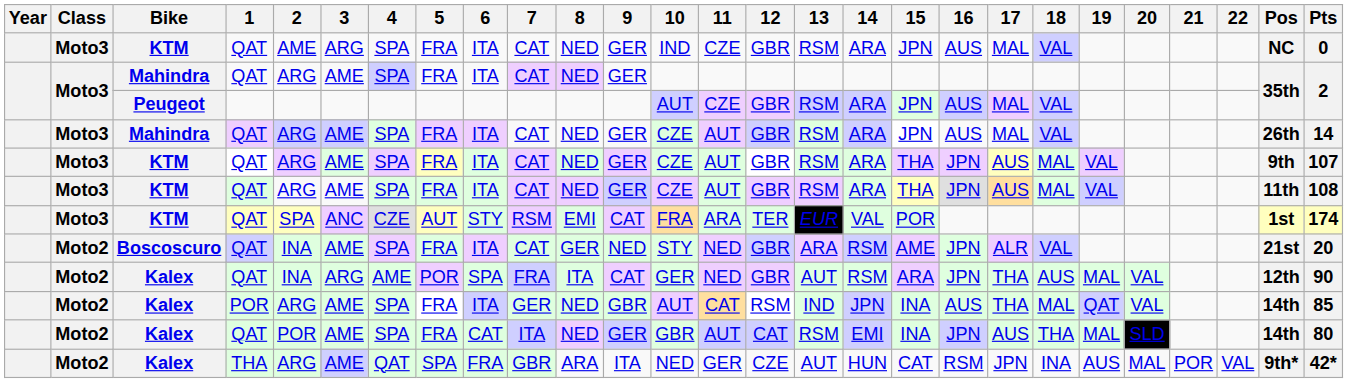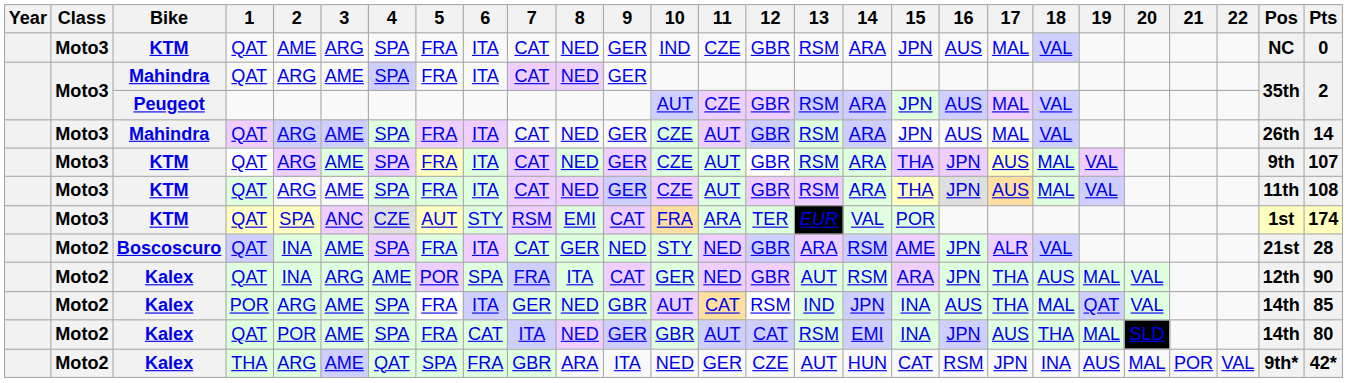 <table class="wikitable" style="text-align:center;">
 <tr>
 <th>Year</th>
 <th>Class</th>
 <th>Bike</th>
 <th>1</th>
 <th>2</th>
 <th>3</th>
 <th>4</th>
 <th>5</th>
 <th>6</th>
 <th>7</th>
 <th>8</th>
 <th>9</th>
 <th>10</th>
 <th>11</th>
 <th>12</th>
 <th>13</th>
 <th>14</th>
 <th>15</th>
 <th>16</th>
 <th>17</th>
 <th>18</th>
 <th>19</th>
 <th>20</th>
 <th>21</th>
 <th>22</th>
 <th>Pos</th>
 <th>Pts</th>
 </tr>
 <tr>
 <th></th>
 <th>Moto3</th>
 <th><a href='#'>KTM</a></th>
 <td><a href='#'>QAT</a></td>
 <td><a href='#'>AME</a></td>
 <td><a href='#'>ARG</a></td>
 <td><a href='#'>SPA</a></td>
 <td><a href='#'>FRA</a></td>
 <td><a href='#'>ITA</a></td>
 <td><a href='#'>CAT</a></td>
 <td><a href='#'>NED</a></td>
 <td><a href='#'>GER</a></td>
 <td><a href='#'>IND</a></td>
 <td><a href='#'>CZE</a></td>
 <td><a href='#'>GBR</a></td>
 <td><a href='#'>RSM</a></td>
 <td><a href='#'>ARA</a></td>
 <td><a href='#'>JPN</a></td>
 <td><a href='#'>AUS</a></td>
 <td><a href='#'>MAL</a></td>
 <td style="background:#cfcfff;"><a href='#'>VAL</a><br></td>
 <td></td>
 <td></td>
 <td></td>
 <td></td>
 <th>NC</th>
 <th>0</th>
 </tr>
 <tr>
 <th rowspan="2"></th>
 <th rowspan="2">Moto3</th>
 <th><a href='#'>Mahindra</a></th>
 <td><a href='#'>QAT</a></td>
 <td><a href='#'>ARG</a></td>
 <td><a href='#'>AME</a></td>
 <td style="background:#CFCFFF;"><a href='#'>SPA</a><br></td>
 <td><a href='#'>FRA</a></td>
 <td><a href='#'>ITA</a></td>
 <td style="background:#EFCFFF;"><a href='#'>CAT</a><br></td>
 <td style="background:#EFCFFF;"><a href='#'>NED</a><br></td>
 <td><a href='#'>GER</a></td>
 <td></td>
 <td></td>
 <td></td>
 <td></td>
 <td></td>
 <td></td>
 <td></td>
 <td></td>
 <td></td>
 <td></td>
 <td></td>
 <td></td>
 <td></td>
 <th rowspan="2">35th</th>
 <th rowspan="2">2</th>
 </tr>
 <tr>
 <th><a href='#'>Peugeot</a></th>
 <td></td>
 <td></td>
 <td></td>
 <td></td>
 <td></td>
 <td></td>
 <td></td>
 <td></td>
 <td></td>
 <td style="background:#CFCFFF;"><a href='#'>AUT</a><br></td>
 <td style="background:#EFCFFF;"><a href='#'>CZE</a><br></td>
 <td style="background:#EFCFFF;"><a href='#'>GBR</a><br></td>
 <td style="background:#CFCFFF;"><a href='#'>RSM</a><br></td>
 <td style="background:#CFCFFF;"><a href='#'>ARA</a><br></td>
 <td style="background:#DFFFDF;"><a href='#'>JPN</a><br></td>
 <td style="background:#CFCFFF;"><a href='#'>AUS</a><br></td>
 <td style="background:#EFCFFF;"><a href='#'>MAL</a><br></td>
 <td style="background:#CFCFFF;"><a href='#'>VAL</a><br></td>
 <td></td>
 <td></td>
 <td></td>
 </tr>
 <tr>
 <th></th>
 <th>Moto3</th>
 <th><a href='#'>Mahindra</a></th>
 <td style="background:#EFCFFF;"><a href='#'>QAT</a><br></td>
 <td style="background:#CFCFFF;"><a href='#'>ARG</a><br></td>
 <td style="background:#CFCFFF;"><a href='#'>AME</a><br></td>
 <td style="background:#DFFFDF;"><a href='#'>SPA</a><br></td>
 <td style="background:#EFCFFF;"><a href='#'>FRA</a><br></td>
 <td style="background:#EFCFFF;"><a href='#'>ITA</a><br></td>
 <td><a href='#'>CAT</a></td>
 <td><a href='#'>NED</a></td>
 <td><a href='#'>GER</a></td>
 <td style="background:#DFFFDF;"><a href='#'>CZE</a><br></td>
 <td style="background:#EFCFFF;"><a href='#'>AUT</a><br></td>
 <td style="background:#CFCFFF;"><a href='#'>GBR</a><br></td>
 <td style="background:#DFFFDF;"><a href='#'>RSM</a><br></td>
 <td style="background:#CFCFFF;"><a href='#'>ARA</a><br></td>
 <td style="background:#FFFFFF;"><a href='#'>JPN</a><br></td>
 <td><a href='#'>AUS</a></td>
 <td><a href='#'>MAL</a></td>
 <td style="background:#CFCFFF;"><a href='#'>VAL</a><br></td>
 <td></td>
 <td></td>
 <td></td>
 <td></td>
 <th>26th</th>
 <th>14</th>
 </tr>
 <tr>
 <th></th>
 <th>Moto3</th>
 <th><a href='#'>KTM</a></th>
 <td style="background:#FFFFFF;"><a href='#'>QAT</a><br></td>
 <td style="background:#EFCFFF;"><a href='#'>ARG</a><br></td>
 <td style="background:#DFFFDF;"><a href='#'>AME</a><br></td>
 <td style="background:#EFCFFF;"><a href='#'>SPA</a><br></td>
 <td style="background:#FFFFBF;"><a href='#'>FRA</a><br></td>
 <td style="background:#DFFFDF;"><a href='#'>ITA</a><br></td>
 <td style="background:#EFCFFF;"><a href='#'>CAT</a><br></td>
 <td style="background:#DFFFDF;"><a href='#'>NED</a><br></td>
 <td style="background:#EFCFFF;"><a href='#'>GER</a><br></td>
 <td style="background:#DFFFDF;"><a href='#'>CZE</a><br></td>
 <td style="background:#DFFFDF;"><a href='#'>AUT</a><br></td>
 <td style="background:#FFFFFF;"><a href='#'>GBR</a><br></td>
 <td style="background:#DFFFDF;"><a href='#'>RSM</a><br></td>
 <td style="background:#DFFFDF;"><a href='#'>ARA</a><br></td>
 <td style="background:#EFCFFF;"><a href='#'>THA</a><br></td>
 <td style="background:#EFCFFF;"><a href='#'>JPN</a><br></td>
 <td style="background:#FFFFBF;"><a href='#'>AUS</a><br></td>
 <td style="background:#DFFFDF;"><a href='#'>MAL</a><br></td>
 <td style="background:#EFCFFF;"><a href='#'>VAL</a><br></td>
 <td></td>
 <td></td>
 <td></td>
 <th>9th</th>
 <th>107</th>
 </tr>
 <tr>
 <th></th>
 <th>Moto3</th>
 <th><a href='#'>KTM</a></th>
 <td style="background:#dfffdf;"><a href='#'>QAT</a><br></td>
 <td><a href='#'>ARG</a></td>
 <td><a href='#'>AME</a></td>
 <td style="background:#dfffdf;"><a href='#'>SPA</a><br></td>
 <td style="background:#dfffdf;"><a href='#'>FRA</a><br></td>
 <td style="background:#dfffdf;"><a href='#'>ITA</a><br></td>
 <td style="background:#efcfff;"><a href='#'>CAT</a><br></td>
 <td style="background:#efcfff;"><a href='#'>NED</a><br></td>
 <td style="background:#cfcfff;"><a href='#'>GER</a><br></td>
 <td style="background:#efcfff;"><a href='#'>CZE</a><br></td>
 <td style="background:#dfffdf;"><a href='#'>AUT</a><br></td>
 <td style="background:#efcfff;"><a href='#'>GBR</a><br></td>
 <td style="background:#efcfff;"><a href='#'>RSM</a><br></td>
 <td style="background:#dfffdf;"><a href='#'>ARA</a><br></td>
 <td style="background:#ffffbf;"><a href='#'>THA</a><br></td>
 <td style="background:#dfdfdf;"><a href='#'>JPN</a><br></td>
 <td style="background:#ffdf9f;"><a href='#'>AUS</a><br></td>
 <td style="background:#dfffdf;"><a href='#'>MAL</a><br></td>
 <td style="background:#cfcfff;"><a href='#'>VAL</a><br></td>
 <td></td>
 <td></td>
 <td></td>
 <th>11th</th>
 <th>108</th>
 </tr>
 <tr>
 <th></th>
 <th>Moto3</th>
 <th><a href='#'>KTM</a></th>
 <td style="background:#ffffbf;"><a href='#'>QAT</a><br></td>
 <td style="background:#ffffbf;"><a href='#'>SPA</a><br></td>
 <td style="background:#efcfff;"><a href='#'>ANC</a><br></td>
 <td style="background:#dfdfdf;"><a href='#'>CZE</a><br></td>
 <td style="background:#ffffbf;"><a href='#'>AUT</a><br></td>
 <td style="background:#dfffdf;"><a href='#'>STY</a><br></td>
 <td style="background:#efcfff;"><a href='#'>RSM</a><br></td>
 <td style="background:#dfffdf;"><a href='#'>EMI</a><br></td>
 <td style="background:#efcfff;"><a href='#'>CAT</a><br></td>
 <td style="background:#ffdf9f;"><a href='#'>FRA</a><br></td>
 <td style="background:#dfffdf;"><a href='#'>ARA</a><br></td>
 <td style="background:#dfffdf;"><a href='#'>TER</a><br></td>
 <td style="background:#000000; color:#FFFFFF;"><em><a href='#'><span>EUR</span></a></em><br></td>
 <td style="background:#dfffdf;"><a href='#'>VAL</a><br></td>
 <td style="background:#dfffdf;"><a href='#'>POR</a><br></td>
 <td></td>
 <td></td>
 <td></td>
 <td></td>
 <td></td>
 <td></td>
 <td></td>
 <th style="background:#ffffbf;">1st</th>
 <th style="background:#ffffbf;">174</th>
 </tr>
 <tr>
 <th></th>
 <th>Moto2</th>
 <th><a href='#'>Boscoscuro</a></th>
 <td style="background:#cfcfff;"><a href='#'>QAT</a><br></td>
 <td style="background:#dfffdf;"><a href='#'>INA</a><br></td>
 <td style="background:#DFFFDF;"><a href='#'>AME</a><br></td>
 <td style="background:#efcfff;"><a href='#'>SPA</a><br></td>
 <td style="background:#dfffdf;"><a href='#'>FRA</a><br></td>
 <td style="background:#efcfff;"><a href='#'>ITA</a><br></td>
 <td style="background:#dfffdf;"><a href='#'>CAT</a><br></td>
 <td style="background:#dfffdf;"><a href='#'>GER</a><br></td>
 <td style="background:#dfffdf;"><a href='#'>NED</a><br></td>
 <td style="background:#dfffdf;"><a href='#'>STY</a><br></td>
 <td style="background:#efcfff;"><a href='#'>NED</a><br></td>
 <td style="background:#cfcfff;"><a href='#'>GBR</a><br></td>
 <td style="background:#efcfff;"><a href='#'>ARA</a><br></td>
 <td style="background:#cfcfff;"><a href='#'>RSM</a><br></td>
 <td style="background:#efcfff;"><a href='#'>AME</a><br></td>
 <td style="background:#dfffdf;"><a href='#'>JPN</a><br></td>
 <td style="background:#efcfff;"><a href='#'>ALR</a><br></td>
 <td style="background:#cfcfff;"><a href='#'>VAL</a><br></td>
 <td></td>
 <td></td>
 <td></td>
 <td></td>
 <th>21st</th>
-<th>20</th>
+<th>28</th>
 </tr>
 <tr>
 <th></th>
 <th>Moto2</th>
 <th><a href='#'>Kalex</a></th>
 <td style="background:#dfffdf;"><a href='#'>QAT</a><br></td>
 <td style="background:#dfffdf;"><a href='#'>INA</a><br></td>
 <td style="background:#dfffdf;"><a href='#'>ARG</a><br></td>
 <td style="background:#dfffdf;"><a href='#'>AME</a><br></td>
 <td style="background:#efcfff;"><a href='#'>POR</a><br></td>
 <td style="background:#dfffdf;"><a href='#'>SPA</a><br></td>
 <td style="background:#cfcfff;"><a href='#'>FRA</a><br></td>
 <td style="background:#dfffdf;"><a href='#'>ITA</a><br></td>
 <td style="background:#efcfff;"><a href='#'>CAT</a><br></td>
 <td style="background:#dfffdf;"><a href='#'>GER</a><br></td>
 <td style="background:#efcfff;"><a href='#'>NED</a><br></td>
 <td style="background:#efcfff;"><a href='#'>GBR</a><br></td>
 <td style="background:#dfffdf;"><a href='#'>AUT</a><br></td>
 <td style="background:#dfffdf;"><a href='#'>RSM</a><br></td>
 <td style="background:#efcfff;"><a href='#'>ARA</a><br></td>
 <td style="background:#dfffdf;"><a href='#'>JPN</a><br></td>
 <td style="background:#dfffdf;"><a href='#'>THA</a><br></td>
 <td style="background:#dfffdf;"><a href='#'>AUS</a><br></td>
 <td style="background:#dfffdf;"><a href='#'>MAL</a><br></td>
 <td style="background:#dfffdf;"><a href='#'>VAL</a><br></td>
 <td></td>
 <td></td>
 <th>12th</th>
 <th>90</th>
 </tr>
 <tr>
 <th></th>
 <th>Moto2</th>
 <th><a href='#'>Kalex</a></th>
 <td style="background:#dfffdf;"><a href='#'>POR</a><br></td>
 <td style="background:#dfffdf;"><a href='#'>ARG</a><br></td>
 <td style="background:#dfffdf;"><a href='#'>AME</a><br></td>
 <td style="background:#dfffdf;"><a href='#'>SPA</a><br></td>
 <td style="background:#ffffff;"><a href='#'>FRA</a><br></td>
 <td style="background:#cfcfff;"><a href='#'>ITA</a><br></td>
 <td style="background:#dfffdf;"><a href='#'>GER</a><br></td>
 <td style="background:#dfffdf;"><a href='#'>NED</a><br></td>
 <td style="background:#dfffdf;"><a href='#'>GBR</a><br></td>
 <td style="background:#efcfff;"><a href='#'>AUT</a><br></td>
 <td style="background:#ffdf9f;"><a href='#'>CAT</a><br></td>
 <td style="background:#ffffff;"><a href='#'>RSM</a><br></td>
 <td style="background:#dfffdf;"><a href='#'>IND</a><br></td>
 <td style="background:#cfcfff;"><a href='#'>JPN</a><br></td>
 <td style="background:#dfffdf;"><a href='#'>INA</a><br></td>
 <td style="background:#dfffdf;"><a href='#'>AUS</a><br></td>
 <td style="background:#dfffdf;"><a href='#'>THA</a><br></td>
 <td style="background:#dfffdf;"><a href='#'>MAL</a><br></td>
 <td style="background:#cfcfff;"><a href='#'>QAT</a><br></td>
 <td style="background:#dfffdf;"><a href='#'>VAL</a><br></td>
 <td></td>
 <td></td>
 <th>14th</th>
 <th>85</th>
 </tr>
 <tr>
 <th></th>
 <th>Moto2</th>
 <th><a href='#'>Kalex</a></th>
 <td style="background:#DFFFDF;"><a href='#'>QAT</a><br></td>
 <td style="background:#DFFFDF;"><a href='#'>POR</a><br></td>
 <td style="background:#DFFFDF;"><a href='#'>AME</a><br></td>
 <td style="background:#DFFFDF;"><a href='#'>SPA</a><br></td>
 <td style="background:#DFFFDF;"><a href='#'>FRA</a><br></td>
 <td style="background:#DFFFDF;"><a href='#'>CAT</a><br></td>
 <td style="background:#CFCFFF;"><a href='#'>ITA</a><br></td>
 <td style="background:#EFCFFF;"><a href='#'>NED</a><br></td>
 <td style="background:#CFCFFF;"><a href='#'>GER</a><br></td>
 <td style="background:#DFFFDF;"><a href='#'>GBR</a><br></td>
 <td style="background:#CFCFFF;"><a href='#'>AUT</a><br></td>
 <td style="background:#CFCFFF;"><a href='#'>CAT</a><br></td>
 <td style="background:#DFFFDF;"><a href='#'>RSM</a><br></td>
 <td style="background:#CFCFFF;"><a href='#'>EMI</a><br></td>
 <td style="background:#DFFFDF;"><a href='#'>INA</a><br></td>
 <td style="background:#CFCFFF;"><a href='#'>JPN</a><br></td>
 <td style="background:#DFFFDF;"><a href='#'>AUS</a><br></td>
 <td style="background:#DFFFDF;"><a href='#'>THA</a><br></td>
 <td style="background:#DFFFDF;"><a href='#'>MAL</a><br></td>
 <td style="background:#000000; color:#FFFFFF;"><a href='#'><span>SLD</span></a><br></td>
 <td></td>
 <td></td>
 <th>14th</th>
 <th>80</th>
 </tr>
 <tr>
 <th></th>
 <th>Moto2</th>
 <th><a href='#'>Kalex</a></th>
 <td style="background:#DFFFDF;"><a href='#'>THA</a><br></td>
 <td style="background:#DFFFDF;"><a href='#'>ARG</a><br></td>
 <td style="background:#CFCFFF;"><a href='#'>AME</a><br></td>
 <td style="background:#DFFFDF;"><a href='#'>QAT</a><br></td>
 <td style="background:#DFFFDF;"><a href='#'>SPA</a><br></td>
 <td style="background:#DFFFDF;"><a href='#'>FRA</a><br></td>
 <td style="background:#DFFFDF;"><a href='#'>GBR</a><br></td>
 <td style="background:#;"><a href='#'>ARA</a><br></td>
 <td style="background:#;"><a href='#'>ITA</a><br></td>
 <td style="background:#;"><a href='#'>NED</a><br></td>
 <td style="background:#;"><a href='#'>GER</a><br></td>
 <td style="background:#;"><a href='#'>CZE</a><br></td>
 <td style="background:#;"><a href='#'>AUT</a><br></td>
 <td style="background:#;"><a href='#'>HUN</a><br></td>
 <td style="background:#;"><a href='#'>CAT</a><br></td>
 <td style="background:#;"><a href='#'>RSM</a><br></td>
 <td style="background:#;"><a href='#'>JPN</a><br></td>
 <td style="background:#;"><a href='#'>INA</a><br></td>
 <td style="background:#;"><a href='#'>AUS</a><br></td>
 <td style="background:#;"><a href='#'>MAL</a><br></td>
 <td style="background:#;"><a href='#'>POR</a><br></td>
 <td style="background:#;"><a href='#'>VAL</a><br></td>
 <th>9th*</th>
 <th>42*</th>
 </tr>
 </table>
